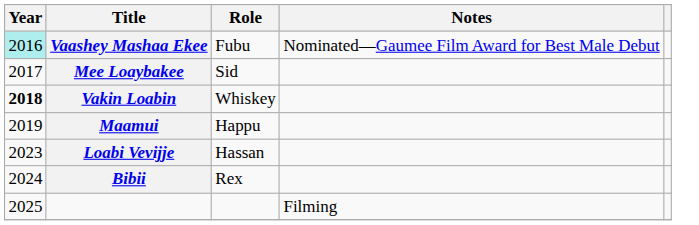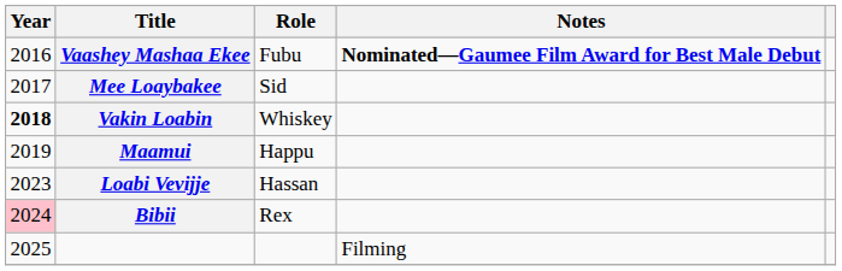 <table class="wikitable sortable plainrowheaders">
 <tr style="background:#ccc; text-align:center;">
 <th scope="col">Year</th>
 <th scope="col">Title</th>
 <th scope="col">Role</th>
 <th scope="col">Notes</th>
 <th scope="col" class="unsortable"></th>
 </tr>
 <tr>
-<td style="background: paleturquoise;">2016</td>
+<td>2016</td>
 <th scope="row"><em><a href='#'>Vaashey Mashaa Ekee</a></em></th>
 <td>Fubu</td>
-<td>Nominated—<a href='#'>Gaumee Film Award for Best Male Debut</a></td>
+<td><strong>Nominated—<a href='#'>Gaumee Film Award for Best Male Debut</a></strong></td>
 <td style="text-align: center;"></td>
 </tr>
 <tr>
 <td>2017</td>
 <th scope="row"><em><a href='#'>Mee Loaybakee</a></em></th>
 <td>Sid</td>
 <td></td>
 <td style="text-align: center;"></td>
 </tr>
 <tr>
 <td><strong>2018</strong></td>
 <th scope="row"><em><a href='#'>Vakin Loabin</a></em></th>
 <td>Whiskey</td>
 <td></td>
 <td style="text-align: center;"></td>
 </tr>
 <tr>
 <td>2019</td>
 <th scope="row"><em><a href='#'>Maamui</a></em></th>
 <td>Happu</td>
 <td></td>
 <td style="text-align: center;"></td>
 </tr>
 <tr>
 <td>2023</td>
 <th scope="row"><em><a href='#'>Loabi Vevijje</a></em></th>
 <td>Hassan</td>
 <td></td>
 <td style="text-align:center;"></td>
 </tr>
 <tr>
-<td>2024</td>
+<td style="background: pink;">2024</td>
 <th scope="row"><em><a href='#'>Bibii</a></em></th>
 <td>Rex</td>
 <td></td>
 <td style="text-align:center;"></td>
 </tr>
 <tr>
 <td>2025</td>
 <td></td>
 <td></td>
 <td>Filming</td>
 <td></td>
 </tr>
 <tr>
 </tr>
 </table>
